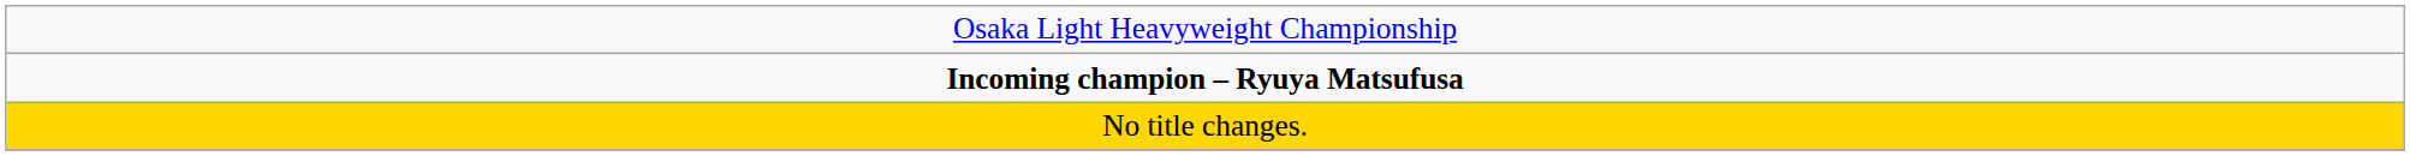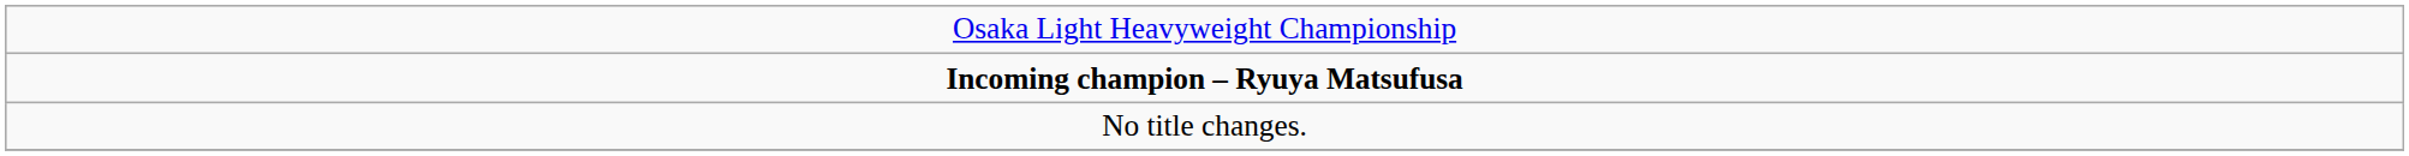 <table class="wikitable" style="text-align:center; width:100%;">
 <tr>
 <td colspan="4" style="text-align: center;"><a href='#'>Osaka Light Heavyweight Championship</a></td>
 </tr>
 <tr>
 <td colspan="4" style="text-align: center;"><strong>Incoming champion – Ryuya Matsufusa</strong></td>
 </tr>
 <tr>
-<td style="background: gold;">No title changes.</td>
+<td>No title changes.</td>
 </tr>
 <tr>
 </tr>
 </table>
